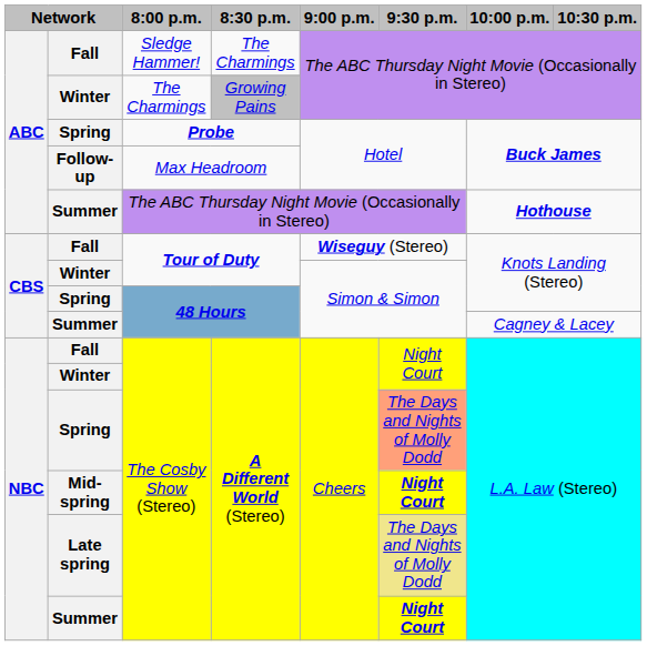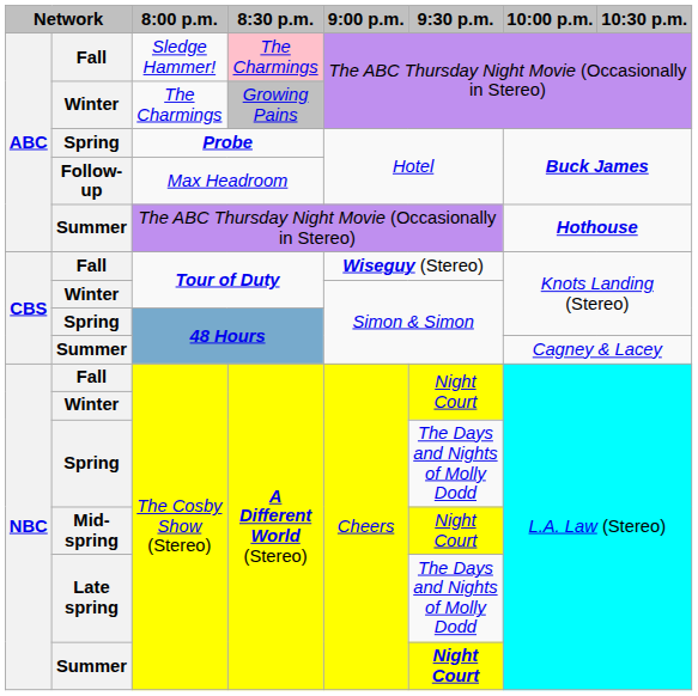 <table class="wikitable" style="width:100%;margin-right:0;text-align:center">
 <tr>
 <th colspan="2" style="background-color:#C0C0C0;text-align:center">Network</th>
 <th style="background-color:#C0C0C0;text-align:center">8:00 p.m.</th>
 <th style="background-color:#C0C0C0;text-align:center">8:30 p.m.</th>
 <th style="background-color:#C0C0C0;text-align:center">9:00 p.m.</th>
 <th style="background-color:#C0C0C0;text-align:center">9:30 p.m.</th>
 <th style="background-color:#C0C0C0;text-align:center">10:00 p.m.</th>
 <th style="background-color:#C0C0C0;text-align:center">10:30 p.m.</th>
 </tr>
 <tr>
 <th rowspan="5"><a href='#'>ABC</a></th>
 <th>Fall</th>
 <td><em><a href='#'>Sledge Hammer!</a></em></td>
-<td><em><a href='#'>The Charmings</a></em></td>
+<td style="background: pink;"><em><a href='#'>The Charmings</a></em></td>
 <td rowspan="2" colspan="4" style="background:#bf8fef;"><em>The ABC Thursday Night Movie</em> (Occasionally in Stereo)</td>
 </tr>
 <tr>
 <th>Winter</th>
 <td><em><a href='#'>The Charmings</a></em></td>
 <td style="background:#C0C0C0;"><em><a href='#'>Growing Pains</a></em> </td>
 </tr>
 <tr>
 <th>Spring</th>
 <td colspan="2"><strong><em><a href='#'>Probe</a></em></strong></td>
 <td rowspan="2" colspan="2"><em><a href='#'>Hotel</a></em></td>
 <td rowspan="2" colspan="2"><strong><em><a href='#'>Buck James</a></em></strong></td>
 </tr>
 <tr>
 <th>Follow-up</th>
 <td colspan="2"><em><a href='#'>Max Headroom</a></em></td>
 </tr>
 <tr>
 <th>Summer</th>
 <td colspan="4" style="background:#bf8fef;"><em>The ABC Thursday Night Movie</em> (Occasionally in Stereo)</td>
 <td colspan="2"><strong><em><a href='#'>Hothouse</a></em></strong></td>
 </tr>
 <tr>
 <th rowspan="4"><a href='#'>CBS</a></th>
 <th>Fall</th>
 <td rowspan="2" colspan="2"><strong><em><a href='#'>Tour of Duty</a></em></strong></td>
 <td colspan="2"><em><a href='#'><strong><em>Wiseguy</em></strong></a></em> (Stereo)</td>
 <td rowspan="3" colspan="2"><em><a href='#'>Knots Landing</a></em> (Stereo)</td>
 </tr>
 <tr>
 <th>Winter</th>
 <td rowspan="3" colspan="2"><em><a href='#'>Simon & Simon</a></em></td>
 </tr>
 <tr>
 <th>Spring</th>
 <td rowspan="2" colspan="2" style="background:#77AACC;"><strong><em><a href='#'>48 Hours</a></em></strong></td>
 </tr>
 <tr>
 <th>Summer</th>
 <td colspan="2"><em><a href='#'>Cagney & Lacey</a></em></td>
 </tr>
 <tr>
 <th rowspan="6"><a href='#'>NBC</a></th>
 <th>Fall</th>
 <td style="background:#FFFF00;" rowspan="6"><em><a href='#'>The Cosby Show</a></em><br>(Stereo) </td>
 <td style="background:#FFFF00;" rowspan="6"><strong><em><a href='#'>A Different World</a></em></strong><br>(Stereo) </td>
 <td style="background:#FFFF00;" rowspan="6"><em><a href='#'>Cheers</a></em> </td>
 <td style="background:#FFFF00;" rowspan="2"><em><a href='#'>Night Court</a></em> </td>
 <td style="background:#00FFFF;" colspan="2" rowspan="6"><em><a href='#'>L.A. Law</a></em> (Stereo) </td>
 </tr>
 <tr>
 <th>Winter</th>
 </tr>
 <tr>
 <th>Spring</th>
-<td style="background: lightsalmon;"><em><a href='#'>The Days and Nights of Molly Dodd</a></em></td>
+<td><em><a href='#'>The Days and Nights of Molly Dodd</a></em></td>
 </tr>
 <tr>
 <th>Mid-spring</th>
-<td style="background:#FFFF00"><strong><em><a href='#'>Night Court</a></em> </strong></td>
+<td style="background:#FFFF00"><em><a href='#'>Night Court</a></em> </td>
 </tr>
 <tr>
 <th>Late spring</th>
-<td style="background: khaki;"><em><a href='#'>The Days and Nights of Molly Dodd</a></em></td>
+<td><em><a href='#'>The Days and Nights of Molly Dodd</a></em></td>
 </tr>
 <tr>
 <th>Summer</th>
 <td style="background:#FFFF00;"><strong><em><a href='#'>Night Court</a></em> </strong></td>
 </tr>
 </table>
